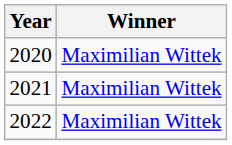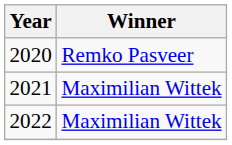 <table class="wikitable" style="display:inline-table">
 <tr>
 <th>Year</th>
 <th>Winner</th>
 </tr>
 <tr>
 <td>2020</td>
-<td> <a href='#'>Maximilian Wittek</a></td>
+<td> <a href='#'>Remko Pasveer</a></td>
 </tr>
 <tr>
 <td>2021</td>
 <td> <a href='#'>Maximilian Wittek</a></td>
 </tr>
 <tr>
 <td>2022</td>
 <td> <a href='#'>Maximilian Wittek</a></td>
 </tr>
 <tr>
 </tr>
 </table>
